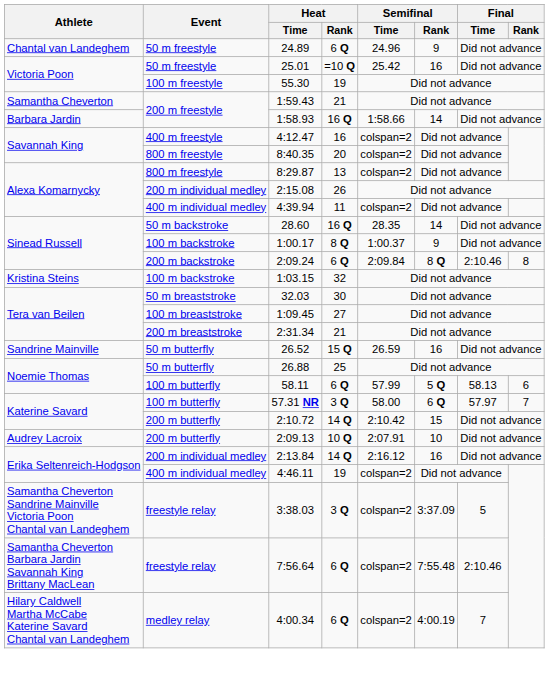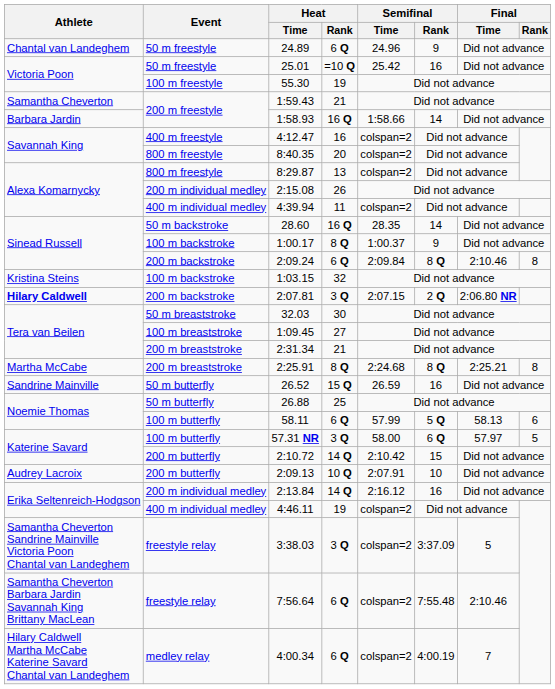 <table class=wikitable style="font-size:90%">
 <tr>
 <th rowspan=2>Athlete</th>
 <th rowspan=2>Event</th>
 <th colspan="2">Heat</th>
 <th colspan="2">Semifinal</th>
 <th colspan="2">Final</th>
 </tr>
 <tr style="font-size:95%">
 <th>Time</th>
 <th>Rank</th>
 <th>Time</th>
 <th>Rank</th>
 <th>Time</th>
 <th>Rank</th>
 </tr>
 <tr align=center>
 <td align=left><a href='#'>Chantal van Landeghem</a></td>
 <td align=left><a href='#'>50 m freestyle</a></td>
 <td>24.89</td>
 <td>6 <strong>Q</strong></td>
 <td>24.96</td>
 <td>9</td>
 <td colspan=2>Did not advance</td>
 </tr>
 <tr align=center>
 <td align=left rowspan=2><a href='#'>Victoria Poon</a></td>
 <td align=left><a href='#'>50 m freestyle</a></td>
 <td>25.01</td>
 <td>=10 <strong>Q</strong></td>
 <td>25.42</td>
 <td>16</td>
 <td colspan=2>Did not advance</td>
 </tr>
 <tr align=center>
 <td align=left><a href='#'>100 m freestyle</a></td>
 <td>55.30</td>
 <td>19</td>
 <td colspan=4>Did not advance</td>
 </tr>
 <tr align=center>
 <td align=left><a href='#'>Samantha Cheverton</a></td>
 <td align=left rowspan=2><a href='#'>200 m freestyle</a></td>
 <td>1:59.43</td>
 <td>21</td>
 <td colspan=4>Did not advance</td>
 </tr>
 <tr align=center>
 <td align=left><a href='#'>Barbara Jardin</a></td>
 <td>1:58.93</td>
 <td>16 <strong>Q</strong></td>
 <td>1:58.66</td>
 <td>14</td>
 <td colspan=2>Did not advance</td>
 </tr>
 <tr align=center>
 <td align=left rowspan=2><a href='#'>Savannah King</a></td>
 <td align=left><a href='#'>400 m freestyle</a></td>
 <td>4:12.47</td>
 <td>16</td>
 <td>colspan=2 </td>
 <td colspan=2>Did not advance</td>
 </tr>
 <tr align=center>
 <td align=left><a href='#'>800 m freestyle</a></td>
 <td>8:40.35</td>
 <td>20</td>
 <td>colspan=2 </td>
 <td colspan=2>Did not advance</td>
 </tr>
 <tr align=center>
 <td align=left rowspan=3><a href='#'>Alexa Komarnycky</a></td>
 <td align=left><a href='#'>800 m freestyle</a></td>
 <td>8:29.87</td>
 <td>13</td>
 <td>colspan=2 </td>
 <td colspan=2>Did not advance</td>
 </tr>
 <tr align=center>
 <td align=left><a href='#'>200 m individual medley</a></td>
 <td>2:15.08</td>
 <td>26</td>
 <td colspan=4>Did not advance</td>
 </tr>
 <tr align=center>
 <td align=left><a href='#'>400 m individual medley</a></td>
 <td>4:39.94</td>
 <td>11</td>
 <td>colspan=2 </td>
 <td colspan=2>Did not advance</td>
 </tr>
 <tr align=center>
 <td align=left rowspan=3><a href='#'>Sinead Russell</a></td>
 <td align=left><a href='#'>50 m backstroke</a></td>
 <td>28.60</td>
 <td>16 <strong>Q</strong></td>
 <td>28.35</td>
 <td>14</td>
 <td colspan=2>Did not advance</td>
 </tr>
 <tr align=center>
 <td align=left><a href='#'>100 m backstroke</a></td>
 <td>1:00.17</td>
 <td>8 <strong>Q</strong></td>
 <td>1:00.37</td>
 <td>9</td>
 <td colspan=2>Did not advance</td>
 </tr>
 <tr align=center>
 <td align=left><a href='#'>200 m backstroke</a></td>
 <td>2:09.24</td>
 <td>6 <strong>Q</strong></td>
 <td>2:09.84</td>
 <td>8 <strong>Q</strong></td>
 <td>2:10.46</td>
 <td>8</td>
 </tr>
 <tr align=center>
 <td align=left><a href='#'>Kristina Steins</a></td>
 <td align=left><a href='#'>100 m backstroke</a></td>
 <td>1:03.15</td>
 <td>32</td>
 <td colspan=4>Did not advance</td>
 </tr>
 <tr align=center>
+<td align=left><strong><a href='#'>Hilary Caldwell</a></strong></td>
+<td align=left><a href='#'>200 m backstroke</a></td>
+<td>2:07.81</td>
+<td>3 <strong>Q</strong></td>
+<td>2:07.15</td>
+<td>2 <strong>Q</strong></td>
+<td>2:06.80 <strong><a href='#'>NR</a></strong></td>
+<td></td>
+</tr>
+<tr align=center>
 <td align=left rowspan=3><a href='#'>Tera van Beilen</a></td>
 <td align=left><a href='#'>50 m breaststroke</a></td>
 <td>32.03</td>
 <td>30</td>
 <td colspan=4>Did not advance</td>
 </tr>
 <tr align=center>
 <td align=left><a href='#'>100 m breaststroke</a></td>
 <td>1:09.45</td>
 <td>27</td>
 <td colspan=4>Did not advance</td>
 </tr>
 <tr align=center>
 <td align=left><a href='#'>200 m breaststroke</a></td>
 <td>2:31.34</td>
 <td>21</td>
 <td colspan=4>Did not advance</td>
+</tr>
+<tr align=center>
+<td align=left><a href='#'>Martha McCabe</a></td>
+<td align=left><a href='#'>200 m breaststroke</a></td>
+<td>2:25.91</td>
+<td>8 <strong>Q</strong></td>
+<td>2:24.68</td>
+<td>8 <strong>Q</strong></td>
+<td>2:25.21</td>
+<td>8</td>
 </tr>
 <tr align=center>
 <td align=left><a href='#'>Sandrine Mainville</a></td>
 <td align=left><a href='#'>50 m butterfly</a></td>
 <td>26.52</td>
 <td>15 <strong>Q</strong></td>
 <td>26.59</td>
 <td>16</td>
 <td colspan=2>Did not advance</td>
 </tr>
 <tr align=center>
 <td align=left rowspan=2><a href='#'>Noemie Thomas</a></td>
 <td align=left><a href='#'>50 m butterfly</a></td>
 <td>26.88</td>
 <td>25</td>
 <td colspan=4>Did not advance</td>
 </tr>
 <tr align=center>
 <td align=left><a href='#'>100 m butterfly</a></td>
 <td>58.11</td>
 <td>6 <strong>Q</strong></td>
 <td>57.99</td>
 <td>5 <strong>Q</strong></td>
 <td>58.13</td>
 <td>6</td>
 </tr>
 <tr align=center>
 <td align=left rowspan=2><a href='#'>Katerine Savard</a></td>
 <td align=left><a href='#'>100 m butterfly</a></td>
 <td>57.31 <strong><a href='#'>NR</a></strong></td>
 <td>3 <strong>Q</strong></td>
 <td>58.00</td>
 <td>6 <strong>Q</strong></td>
 <td>57.97</td>
-<td>7</td>
+<td>5</td>
 </tr>
 <tr align=center>
 <td align=left><a href='#'>200 m butterfly</a></td>
 <td>2:10.72</td>
 <td>14 <strong>Q</strong></td>
 <td>2:10.42</td>
 <td>15</td>
 <td colspan=2>Did not advance</td>
 </tr>
 <tr align=center>
 <td align=left><a href='#'>Audrey Lacroix</a></td>
 <td align=left><a href='#'>200 m butterfly</a></td>
 <td>2:09.13</td>
 <td>10 <strong>Q</strong></td>
 <td>2:07.91</td>
 <td>10</td>
 <td colspan=2>Did not advance</td>
 </tr>
 <tr align=center>
 <td align=left rowspan=2><a href='#'>Erika Seltenreich-Hodgson</a></td>
 <td align=left><a href='#'>200 m individual medley</a></td>
 <td>2:13.84</td>
 <td>14 <strong>Q</strong></td>
 <td>2:16.12</td>
 <td>16</td>
 <td colspan=2>Did not advance</td>
 </tr>
 <tr align=center>
 <td align=left><a href='#'>400 m individual medley</a></td>
 <td>4:46.11</td>
 <td>19</td>
 <td>colspan=2 </td>
 <td colspan=2>Did not advance</td>
 </tr>
 <tr align=center>
 <td align=left><a href='#'>Samantha Cheverton</a><br><a href='#'>Sandrine Mainville</a><br><a href='#'>Victoria Poon</a><br><a href='#'>Chantal van Landeghem</a></td>
 <td align=left><a href='#'> freestyle relay</a></td>
 <td>3:38.03</td>
 <td>3 <strong>Q</strong></td>
 <td>colspan=2 </td>
 <td>3:37.09</td>
 <td>5</td>
 </tr>
 <tr align=center>
 <td align=left><a href='#'>Samantha Cheverton</a><br><a href='#'>Barbara Jardin</a><br><a href='#'>Savannah King</a><br><a href='#'>Brittany MacLean</a></td>
 <td align=left><a href='#'> freestyle relay</a></td>
 <td>7:56.64</td>
 <td>6 <strong>Q</strong></td>
 <td>colspan=2 </td>
 <td>7:55.48</td>
 <td>2:10.46</td>
 </tr>
 <tr align=center>
 <td align=left><a href='#'>Hilary Caldwell</a><br><a href='#'>Martha McCabe</a><br><a href='#'>Katerine Savard</a><br><a href='#'>Chantal van Landeghem</a></td>
 <td align=left><a href='#'> medley relay</a></td>
 <td>4:00.34</td>
 <td>6 <strong>Q</strong></td>
 <td>colspan=2 </td>
 <td>4:00.19</td>
 <td>7</td>
 </tr>
 </table>
